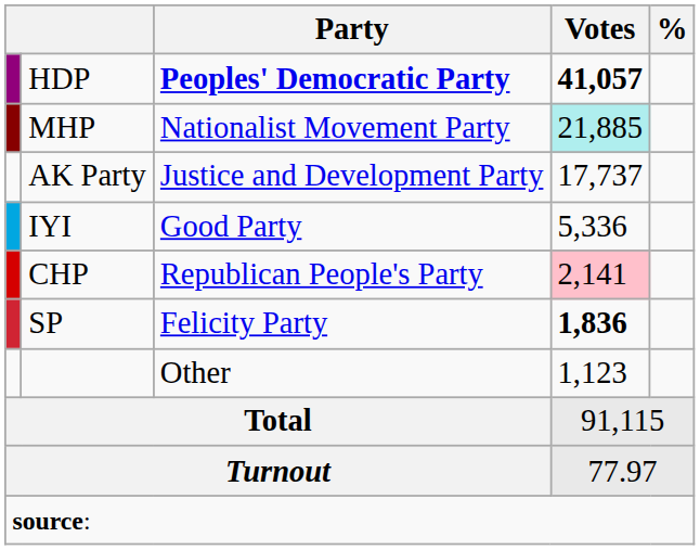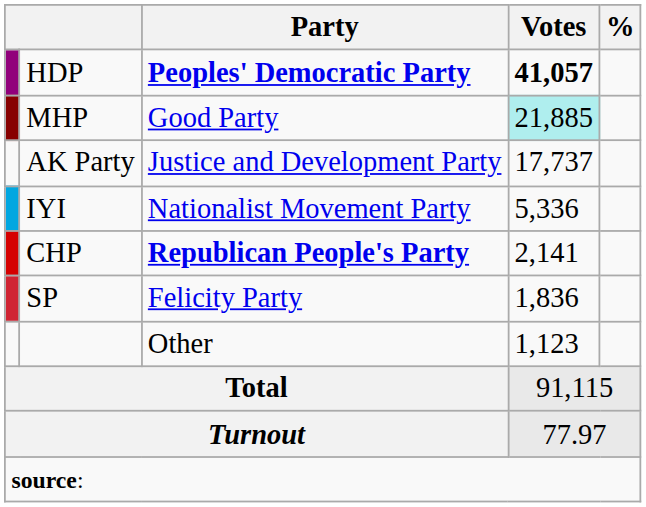 <table class="wikitable">
 <tr>
 <th colspan="2" align="center"></th>
 <th align="center">Party</th>
 <th align="center">Votes</th>
 <th align="center">%</th>
 </tr>
 <tr align="left">
 <td bgcolor="#91007B" width="1"></td>
 <td>HDP</td>
 <td><strong><a href='#'>Peoples' Democratic Party</a></strong></td>
 <td><strong>41,057</strong></td>
 <td><strong></strong></td>
 </tr>
 <tr align="left">
 <td bgcolor="#870000" width="1"></td>
 <td>MHP</td>
-<td><a href='#'>Nationalist Movement Party</a></td>
+<td><a href='#'>Good Party</a></td>
 <td style="background: paleturquoise;">21,885</td>
 <td></td>
 </tr>
 <tr align="left">
 <td></td>
 <td>AK Party</td>
 <td><a href='#'>Justice and Development Party</a></td>
 <td>17,737</td>
 <td></td>
 </tr>
 <tr align="left">
 <td bgcolor="#01A7E1" width="1"></td>
 <td>IYI</td>
-<td><a href='#'>Good Party</a></td>
+<td><a href='#'>Nationalist Movement Party</a></td>
 <td>5,336</td>
 <td></td>
 </tr>
 <tr align="left">
 <td bgcolor="#d50000" width="1"></td>
 <td>CHP</td>
-<td><a href='#'>Republican People's Party</a></td>
-<td style="background: pink;">2,141</td>
+<td><strong><a href='#'>Republican People's Party</a></strong></td>
+<td>2,141</td>
 <td></td>
 </tr>
 <tr align="left">
 <td bgcolor="#D02433" width="1"></td>
 <td>SP</td>
 <td><a href='#'>Felicity Party</a></td>
-<td><strong>1,836</strong></td>
+<td>1,836</td>
 <td></td>
 </tr>
 <tr align="left">
 <td bgcolor="" width="1"></td>
 <td></td>
 <td>Other</td>
 <td>1,123</td>
 <td></td>
 </tr>
 <tr align="left" style="background-color:#E9E9E9">
 <th colspan="3" align="center"><strong>Total</strong></th>
 <td colspan="5" align="center">91,115</td>
 </tr>
 <tr align="left" style="background-color:#E9E9E9">
 <th colspan="3" align="center"><em>Turnout</em></th>
 <td colspan="5" align="center">77.97</td>
 </tr>
 <tr>
 <td colspan="9" align="left"><small><strong>source</strong>: </small></td>
 </tr>
 </table>
